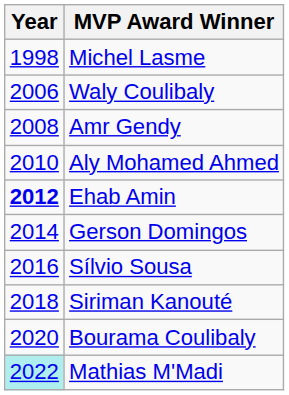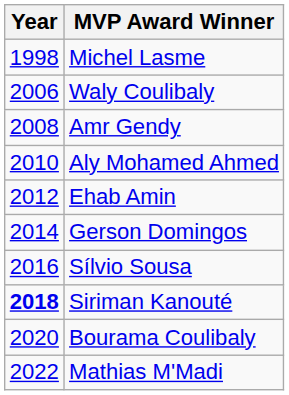 <table class=wikitable>
 <tr>
 <th>Year</th>
 <th>MVP Award Winner</th>
 </tr>
 <tr>
 <td><a href='#'>1998</a></td>
 <td> <a href='#'>Michel Lasme</a></td>
 </tr>
 <tr>
 <td><a href='#'>2006</a></td>
 <td> <a href='#'>Waly Coulibaly</a></td>
 </tr>
 <tr>
 <td><a href='#'>2008</a></td>
 <td> <a href='#'>Amr Gendy</a></td>
 </tr>
 <tr>
 <td><a href='#'>2010</a></td>
 <td> <a href='#'>Aly Mohamed Ahmed</a></td>
 </tr>
 <tr>
-<td><strong><a href='#'>2012</a></strong></td>
+<td><a href='#'>2012</a></td>
 <td> <a href='#'>Ehab Amin</a></td>
 </tr>
 <tr>
 <td><a href='#'>2014</a></td>
 <td> <a href='#'>Gerson Domingos</a></td>
 </tr>
 <tr>
 <td><a href='#'>2016</a></td>
 <td> <a href='#'>Sílvio Sousa</a></td>
 </tr>
 <tr>
-<td><a href='#'>2018</a></td>
+<td><strong><a href='#'>2018</a></strong></td>
 <td> <a href='#'>Siriman Kanouté</a></td>
 </tr>
 <tr>
 <td><a href='#'>2020</a></td>
 <td> <a href='#'>Bourama Coulibaly</a></td>
 </tr>
 <tr>
-<td style="background: paleturquoise;"><a href='#'>2022</a></td>
+<td><a href='#'>2022</a></td>
 <td> <a href='#'>Mathias M'Madi</a></td>
 </tr>
 </table>
